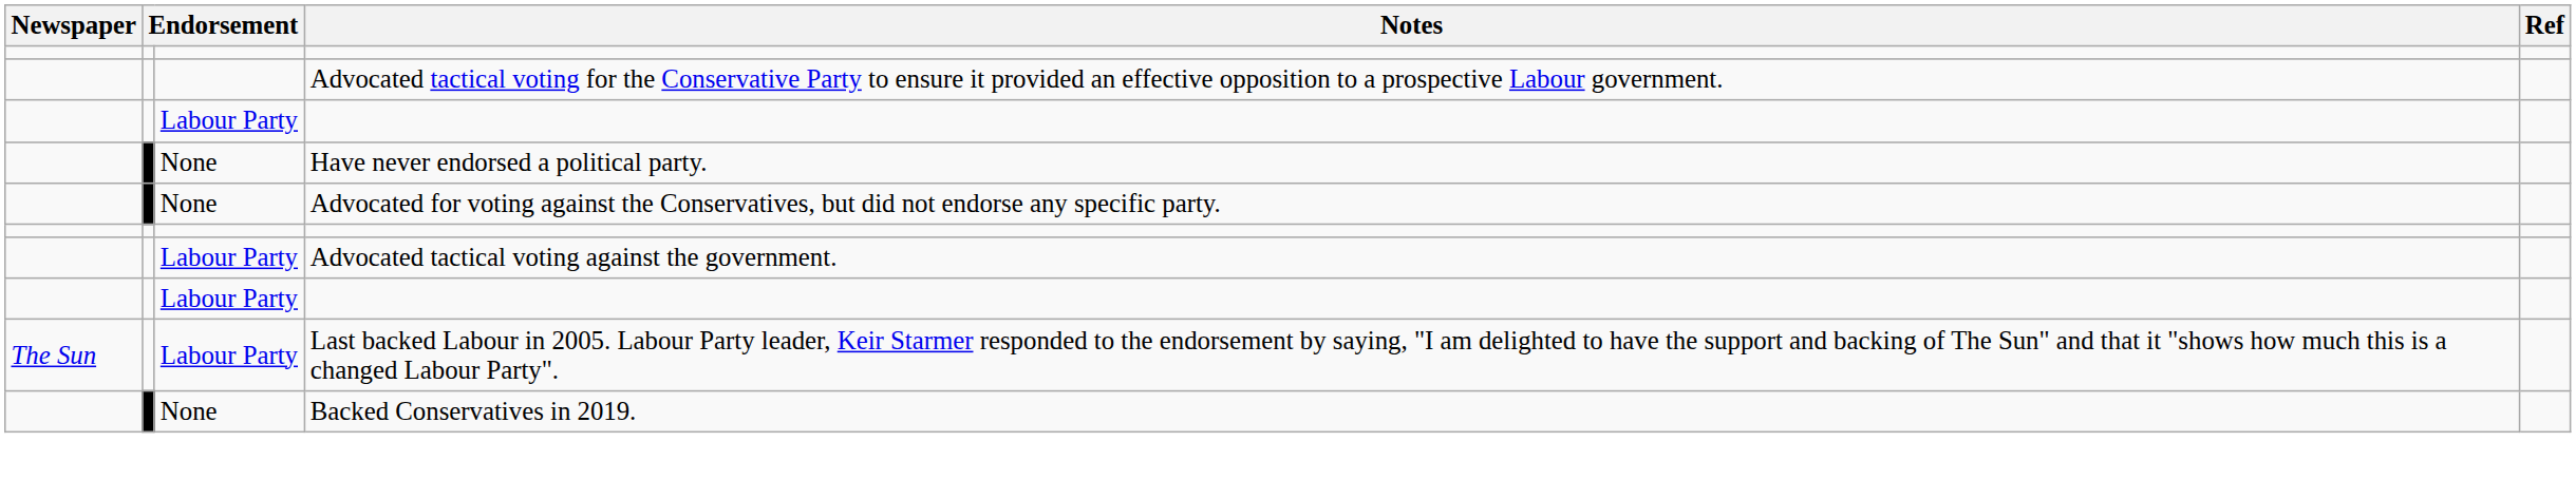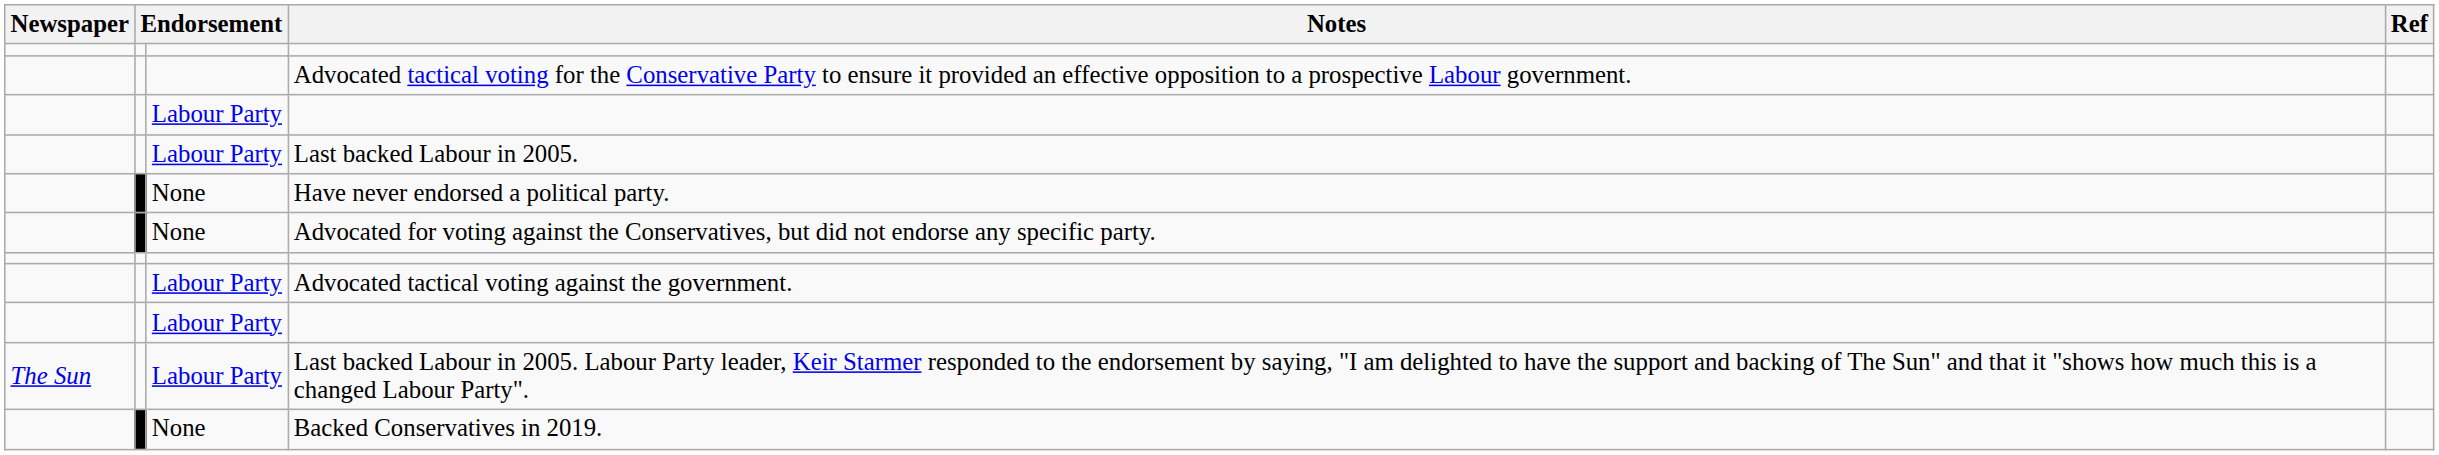 <table class="wikitable">
 <tr>
 <th>Newspaper</th>
 <th colspan=2>Endorsement</th>
 <th>Notes</th>
 <th>Ref</th>
 </tr>
 <tr>
 <td></td>
 <td style="background-color: "></td>
 <td></td>
 <td></td>
 <td></td>
 </tr>
 <tr>
 <td></td>
 <td style="background-color: "></td>
 <td></td>
 <td>Advocated <a href='#'>tactical voting</a> for the <a href='#'>Conservative Party</a> to ensure it provided an effective opposition to a prospective <a href='#'>Labour</a> government.</td>
 <td></td>
 </tr>
 <tr>
 <td></td>
 <td style="background-color: "></td>
 <td><a href='#'>Labour Party</a></td>
 <td></td>
+<td></td>
+</tr>
+<tr>
+<td></td>
+<td style="background-color: "></td>
+<td><a href='#'>Labour Party</a></td>
+<td>Last backed Labour in 2005.</td>
 <td></td>
 </tr>
 <tr>
 <td></td>
 <td style="background-color:black"></td>
 <td>None</td>
 <td>Have never endorsed a political party.</td>
 <td></td>
 </tr>
 <tr>
 <td></td>
 <td style="background-color:black"></td>
 <td>None</td>
 <td>Advocated for voting against the Conservatives, but did not endorse any specific party.</td>
 <td></td>
 </tr>
 <tr>
 <td></td>
 <td style="background-color: "></td>
 <td></td>
 <td></td>
 <td></td>
 </tr>
 <tr>
 <td></td>
 <td style="background-color: "></td>
 <td><a href='#'>Labour Party</a></td>
 <td>Advocated tactical voting against the government.</td>
 <td></td>
 </tr>
 <tr>
 <td></td>
 <td style="background-color: "></td>
 <td><a href='#'>Labour Party</a></td>
 <td></td>
 <td></td>
 </tr>
 <tr>
 <td><a href='#'><em>The Sun</em></a></td>
 <td style="background-color: "></td>
 <td><a href='#'>Labour Party</a></td>
 <td>Last backed Labour in 2005. Labour Party leader, <a href='#'>Keir Starmer</a> responded to the endorsement by saying, "I am delighted to have the support and backing of The Sun" and that it "shows how much this is a changed Labour Party".</td>
 <td></td>
 </tr>
 <tr>
 <td></td>
 <td style="background-color:black"></td>
 <td>None</td>
 <td>Backed Conservatives in 2019.</td>
 <td></td>
 </tr>
 </table>
